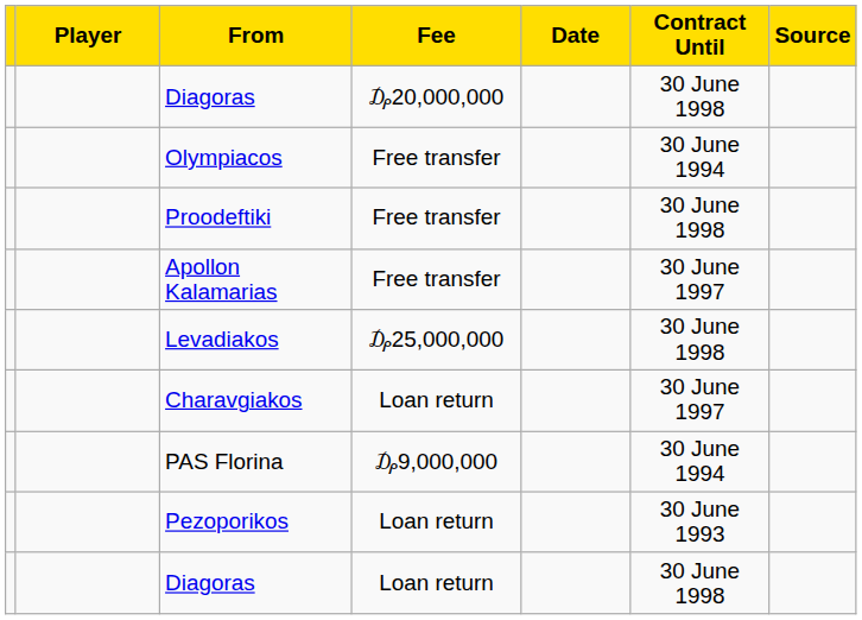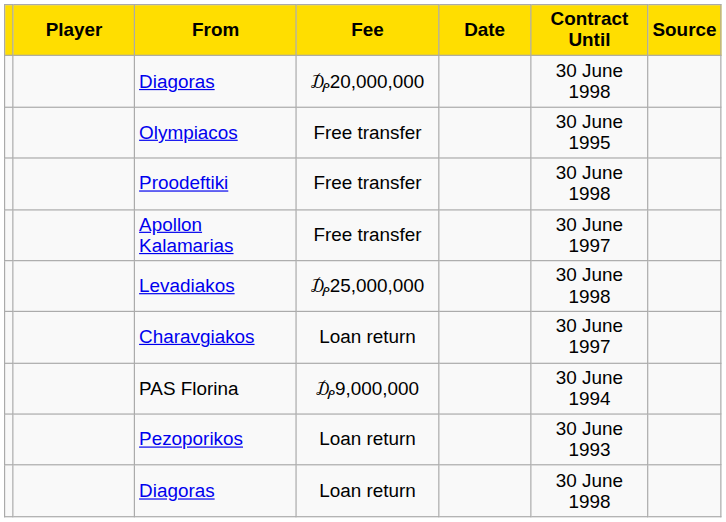 <table class="wikitable sortable">
 <tr>
 <th style="background:#FFDE00"></th>
 <th width=200 style="background:#FFDE00">Player</th>
 <th width=200 style="background:#FFDE00">From</th>
 <th width=150 style="background:#FFDE00">Fee</th>
 <th width=150 style="background:#FFDE00">Date</th>
 <th width=150 style="background:#FFDE00">Contract Until</th>
 <th style="background:#FFDE00">Source</th>
 </tr>
 <tr>
 <td align=center></td>
 <td></td>
 <td> <a href='#'>Diagoras</a></td>
 <td align=center>₯20,000,000</td>
 <td align=center></td>
 <td align=center>30 June 1998</td>
 <td align=center></td>
 </tr>
 <tr>
 <td align=center></td>
 <td></td>
 <td> <a href='#'>Olympiacos</a></td>
 <td align=center>Free transfer</td>
 <td align=center></td>
-<td align=center>30 June 1994</td>
+<td align=center>30 June 1995</td>
 <td align=center></td>
 </tr>
 <tr>
 <td align=center></td>
 <td></td>
 <td> <a href='#'>Proodeftiki</a></td>
 <td align=center>Free transfer</td>
 <td align=center></td>
 <td align=center>30 June 1998</td>
 <td align=center></td>
 </tr>
 <tr>
 <td align=center></td>
 <td></td>
 <td> <a href='#'>Apollon Kalamarias</a></td>
 <td align=center>Free transfer</td>
 <td align=center></td>
 <td align=center>30 June 1997</td>
 <td align=center></td>
 </tr>
 <tr>
 <td align=center></td>
 <td></td>
 <td> <a href='#'>Levadiakos</a></td>
 <td align=center>₯25,000,000</td>
 <td align=center></td>
 <td align=center>30 June 1998</td>
 <td align=center></td>
 </tr>
 <tr>
 <td align=center></td>
 <td></td>
 <td> <a href='#'>Charavgiakos</a></td>
 <td align=center>Loan return</td>
 <td align=center></td>
 <td align=center>30 June 1997</td>
 <td align=center></td>
 </tr>
 <tr>
 <td align=center></td>
 <td></td>
 <td> PAS Florina</td>
 <td align=center>₯9,000,000</td>
 <td align=center></td>
 <td align=center>30 June 1994</td>
 <td align=center></td>
 </tr>
 <tr>
 <td align=center></td>
 <td></td>
 <td> <a href='#'>Pezoporikos</a></td>
 <td align=center>Loan return</td>
 <td align=center></td>
 <td align=center>30 June 1993</td>
 <td align=center></td>
 </tr>
 <tr>
 <td align=center></td>
 <td></td>
 <td> <a href='#'>Diagoras</a></td>
 <td align=center>Loan return</td>
 <td align=center></td>
 <td align=center>30 June 1998</td>
 <td align=center></td>
 </tr>
 </table>
